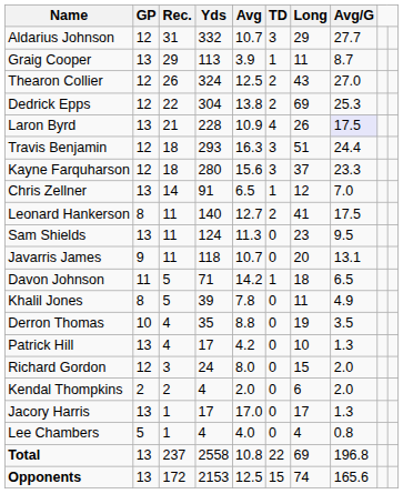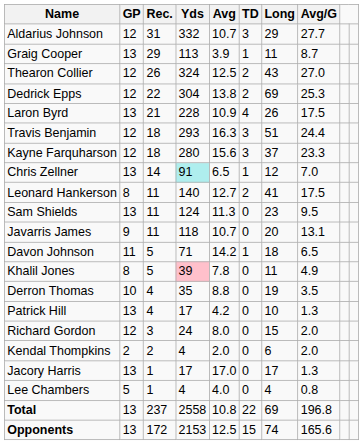 <table class="wikitable" style="white-space:nowrap;">
 <tr>
 <th>Name</th>
 <th>GP</th>
 <th>Rec.</th>
 <th>Yds</th>
 <th>Avg</th>
 <th>TD</th>
 <th>Long</th>
 <th>Avg/G</th>
 </tr>
 <tr>
 <td>Aldarius Johnson</td>
 <td>12</td>
 <td>31</td>
 <td>332</td>
 <td>10.7</td>
 <td>3</td>
 <td>29</td>
 <td>27.7</td>
 <td> </td>
 <td> </td>
 </tr>
 <tr>
 <td>Graig Cooper</td>
 <td>13</td>
 <td>29</td>
 <td>113</td>
 <td>3.9</td>
 <td>1</td>
 <td>11</td>
 <td>8.7</td>
 <td> </td>
 <td> </td>
 </tr>
 <tr>
 <td>Thearon Collier</td>
 <td>12</td>
 <td>26</td>
 <td>324</td>
 <td>12.5</td>
 <td>2</td>
 <td>43</td>
 <td>27.0</td>
 <td> </td>
 <td> </td>
 </tr>
 <tr>
 <td>Dedrick Epps</td>
 <td>12</td>
 <td>22</td>
 <td>304</td>
 <td>13.8</td>
 <td>2</td>
 <td>69</td>
 <td>25.3</td>
 <td> </td>
 <td> </td>
 </tr>
 <tr>
 <td>Laron Byrd</td>
 <td>13</td>
 <td>21</td>
 <td>228</td>
 <td>10.9</td>
 <td>4</td>
 <td>26</td>
-<td style="background: lavender;">17.5</td>
+<td>17.5</td>
 <td> </td>
 <td> </td>
 </tr>
 <tr>
 <td>Travis Benjamin</td>
 <td>12</td>
 <td>18</td>
 <td>293</td>
 <td>16.3</td>
 <td>3</td>
 <td>51</td>
 <td>24.4</td>
 <td> </td>
 <td> </td>
 </tr>
 <tr>
 <td>Kayne Farquharson</td>
 <td>12</td>
 <td>18</td>
 <td>280</td>
 <td>15.6</td>
 <td>3</td>
 <td>37</td>
 <td>23.3</td>
 <td> </td>
 <td> </td>
 </tr>
 <tr>
 <td>Chris Zellner</td>
 <td>13</td>
 <td>14</td>
-<td>91</td>
+<td style="background: paleturquoise;">91</td>
 <td>6.5</td>
 <td>1</td>
 <td>12</td>
 <td>7.0</td>
 <td> </td>
 <td> </td>
 </tr>
 <tr>
 <td>Leonard Hankerson</td>
 <td>8</td>
 <td>11</td>
 <td>140</td>
 <td>12.7</td>
 <td>2</td>
 <td>41</td>
 <td>17.5</td>
 <td> </td>
 <td> </td>
 </tr>
 <tr>
 <td>Sam Shields</td>
 <td>13</td>
 <td>11</td>
 <td>124</td>
 <td>11.3</td>
 <td>0</td>
 <td>23</td>
 <td>9.5</td>
 <td> </td>
 <td> </td>
 </tr>
 <tr>
 <td>Javarris James</td>
 <td>9</td>
 <td>11</td>
 <td>118</td>
 <td>10.7</td>
 <td>0</td>
 <td>20</td>
 <td>13.1</td>
 <td> </td>
 <td> </td>
 </tr>
 <tr>
 <td>Davon Johnson</td>
 <td>11</td>
 <td>5</td>
 <td>71</td>
 <td>14.2</td>
 <td>1</td>
 <td>18</td>
 <td>6.5</td>
 <td> </td>
 <td> </td>
 </tr>
 <tr>
 <td>Khalil Jones</td>
 <td>8</td>
 <td>5</td>
-<td>39</td>
+<td style="background: pink;">39</td>
 <td>7.8</td>
 <td>0</td>
 <td>11</td>
 <td>4.9</td>
 <td> </td>
 <td> </td>
 </tr>
 <tr>
 <td>Derron Thomas</td>
 <td>10</td>
 <td>4</td>
 <td>35</td>
 <td>8.8</td>
 <td>0</td>
 <td>19</td>
 <td>3.5</td>
 <td> </td>
 <td> </td>
 </tr>
 <tr>
 <td>Patrick Hill</td>
 <td>13</td>
 <td>4</td>
 <td>17</td>
 <td>4.2</td>
 <td>0</td>
 <td>10</td>
 <td>1.3</td>
 <td> </td>
 <td> </td>
 </tr>
 <tr>
 <td>Richard Gordon</td>
 <td>12</td>
 <td>3</td>
 <td>24</td>
 <td>8.0</td>
 <td>0</td>
 <td>15</td>
 <td>2.0</td>
 <td> </td>
 <td> </td>
 </tr>
 <tr>
 <td>Kendal Thompkins</td>
 <td>2</td>
 <td>2</td>
 <td>4</td>
 <td>2.0</td>
 <td>0</td>
 <td>6</td>
 <td>2.0</td>
 <td> </td>
 <td> </td>
 </tr>
 <tr>
 <td>Jacory Harris</td>
 <td>13</td>
 <td>1</td>
 <td>17</td>
 <td>17.0</td>
 <td>0</td>
 <td>17</td>
 <td>1.3</td>
 <td> </td>
 <td> </td>
 </tr>
 <tr>
 <td>Lee Chambers</td>
 <td>5</td>
 <td>1</td>
 <td>4</td>
 <td>4.0</td>
 <td>0</td>
 <td>4</td>
 <td>0.8</td>
 <td> </td>
 <td> </td>
 </tr>
 <tr>
 <td><strong>Total</strong></td>
 <td>13</td>
 <td>237</td>
 <td>2558</td>
 <td>10.8</td>
 <td>22</td>
 <td>69</td>
 <td>196.8</td>
 <td> </td>
 <td> </td>
 </tr>
 <tr>
 <td><strong>Opponents</strong></td>
 <td>13</td>
 <td>172</td>
 <td>2153</td>
 <td>12.5</td>
 <td>15</td>
 <td>74</td>
 <td>165.6</td>
 <td> </td>
 <td> </td>
 </tr>
 </table>
